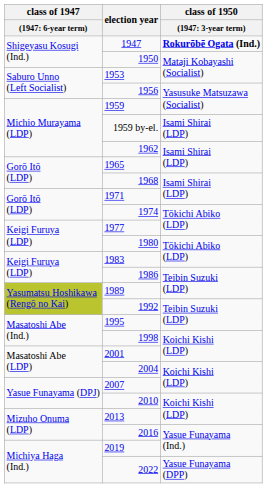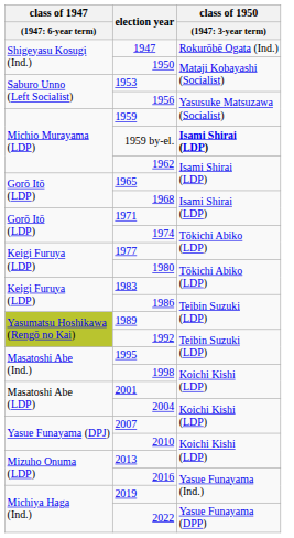 <table class="wikitable" border="1">
 <tr>
 <th>class of 1947</th>
 <th rowspan="2">election year</th>
 <th>class of 1950</th>
 </tr>
 <tr>
 <th><small>(1947: 6-year term)</small></th>
 <th><small>(1947: 3-year term)</small></th>
 </tr>
 <tr>
 <td rowspan="2"><a href='#'>Shigeyasu Kosugi</a><br>(Ind.)</td>
 <td align="center"><a href='#'>1947</a></td>
-<td><strong><a href='#'>Rokurōbē Ogata</a> (Ind.)</strong></td>
+<td><a href='#'>Rokurōbē Ogata</a> (Ind.)</td>
 </tr>
 <tr>
 <td align="right"><a href='#'>1950</a></td>
 <td rowspan="2"  ><a href='#'>Mataji Kobayashi</a><br>(<a href='#'>Socialist</a>)</td>
 </tr>
 <tr>
 <td rowspan="2" ><a href='#'>Saburo Unno</a><br>(<a href='#'>Left Socialist</a>)</td>
 <td align="left"><a href='#'>1953</a></td>
 </tr>
 <tr>
 <td align="right"><a href='#'>1956</a></td>
 <td rowspan="2" ><a href='#'>Yasusuke Matsuzawa</a><br>(<a href='#'>Socialist</a>)</td>
 </tr>
 <tr>
 <td rowspan="3" ><a href='#'>Michio Murayama</a><br>(<a href='#'>LDP</a>)</td>
 <td align="left"><a href='#'>1959</a></td>
 </tr>
 <tr>
 <td align="right">1959 by-el.</td>
-<td><a href='#'>Isami Shirai</a><br>(<a href='#'>LDP</a>)</td>
+<td><strong><a href='#'>Isami Shirai</a><br>(<a href='#'>LDP</a>)</strong></td>
 </tr>
 <tr>
 <td align="right"><a href='#'>1962</a></td>
 <td rowspan="2" ><a href='#'>Isami Shirai</a><br>(<a href='#'>LDP</a>)</td>
 </tr>
 <tr>
 <td rowspan="2" ><a href='#'>Gorō Itō</a><br>(<a href='#'>LDP</a>)</td>
 <td align="left"><a href='#'>1965</a></td>
 </tr>
 <tr>
 <td align="right"><a href='#'>1968</a></td>
 <td rowspan="2" ><a href='#'>Isami Shirai</a><br>(<a href='#'>LDP</a>)</td>
 </tr>
 <tr>
 <td rowspan="2" ><a href='#'>Gorō Itō</a><br>(<a href='#'>LDP</a>)</td>
 <td align="left"><a href='#'>1971</a></td>
 </tr>
 <tr>
 <td align="right"><a href='#'>1974</a></td>
 <td rowspan="2" ><a href='#'>Tōkichi Abiko</a><br>(<a href='#'>LDP</a>)</td>
 </tr>
 <tr>
 <td rowspan="2" ><a href='#'>Keigi Furuya</a><br>(<a href='#'>LDP</a>)</td>
 <td align="left"><a href='#'>1977</a></td>
 </tr>
 <tr>
 <td align="right"><a href='#'>1980</a></td>
 <td rowspan="2" ><a href='#'>Tōkichi Abiko</a><br>(<a href='#'>LDP</a>)</td>
 </tr>
 <tr>
 <td rowspan="2" ><a href='#'>Keigi Furuya</a><br>(<a href='#'>LDP</a>)</td>
 <td align="left"><a href='#'>1983</a></td>
 </tr>
 <tr>
 <td align="right"><a href='#'>1986</a></td>
 <td rowspan="2" ><a href='#'>Teibin Suzuki</a><br>(<a href='#'>LDP</a>)</td>
 </tr>
 <tr>
 <td rowspan="2" bgcolor="#B9C42F"><a href='#'>Yasumatsu Hoshikawa</a><br>(<a href='#'>Rengō no Kai</a>)</td>
 <td align="left"><a href='#'>1989</a></td>
 </tr>
 <tr>
 <td align="right"><a href='#'>1992</a></td>
 <td rowspan="2" ><a href='#'>Teibin Suzuki</a><br>(<a href='#'>LDP</a>)</td>
 </tr>
 <tr>
 <td rowspan="2"><a href='#'>Masatoshi Abe</a><br>(Ind.)</td>
 <td align="left"><a href='#'>1995</a></td>
 </tr>
 <tr>
 <td align="right"><a href='#'>1998</a></td>
 <td rowspan="2" ><a href='#'>Koichi Kishi</a><br>(<a href='#'>LDP</a>)</td>
 </tr>
 <tr>
 <td rowspan="2" >Masatoshi Abe<br>(<a href='#'>LDP</a>)</td>
 <td align="left"><a href='#'>2001</a></td>
 </tr>
 <tr>
 <td align="right"><a href='#'>2004</a></td>
 <td rowspan="2" ><a href='#'>Koichi Kishi</a><br>(<a href='#'>LDP</a>)</td>
 </tr>
 <tr>
 <td rowspan="2" ><a href='#'>Yasue Funayama</a> (<a href='#'>DPJ</a>)</td>
 <td align="left"><a href='#'>2007</a></td>
 </tr>
 <tr>
 <td align="right"><a href='#'>2010</a></td>
 <td rowspan="2" ><a href='#'>Koichi Kishi</a><br>(<a href='#'>LDP</a>)</td>
 </tr>
 <tr>
 <td rowspan="2" ><a href='#'>Mizuho Onuma</a><br>(<a href='#'>LDP</a>)</td>
 <td align="left"><a href='#'>2013</a></td>
 </tr>
 <tr>
 <td align="right"><a href='#'>2016</a></td>
 <td rowspan="2"><a href='#'>Yasue Funayama</a><br>(Ind.)</td>
 </tr>
 <tr>
 <td rowspan="2"><a href='#'>Michiya Haga</a><br>(Ind.)</td>
 <td align="left"><a href='#'>2019</a></td>
 </tr>
 <tr>
 <td align="right"><a href='#'>2022</a></td>
 <td rowspan="2" ><a href='#'>Yasue Funayama</a><br>(<a href='#'>DPP</a>)</td>
 </tr>
 </table>
